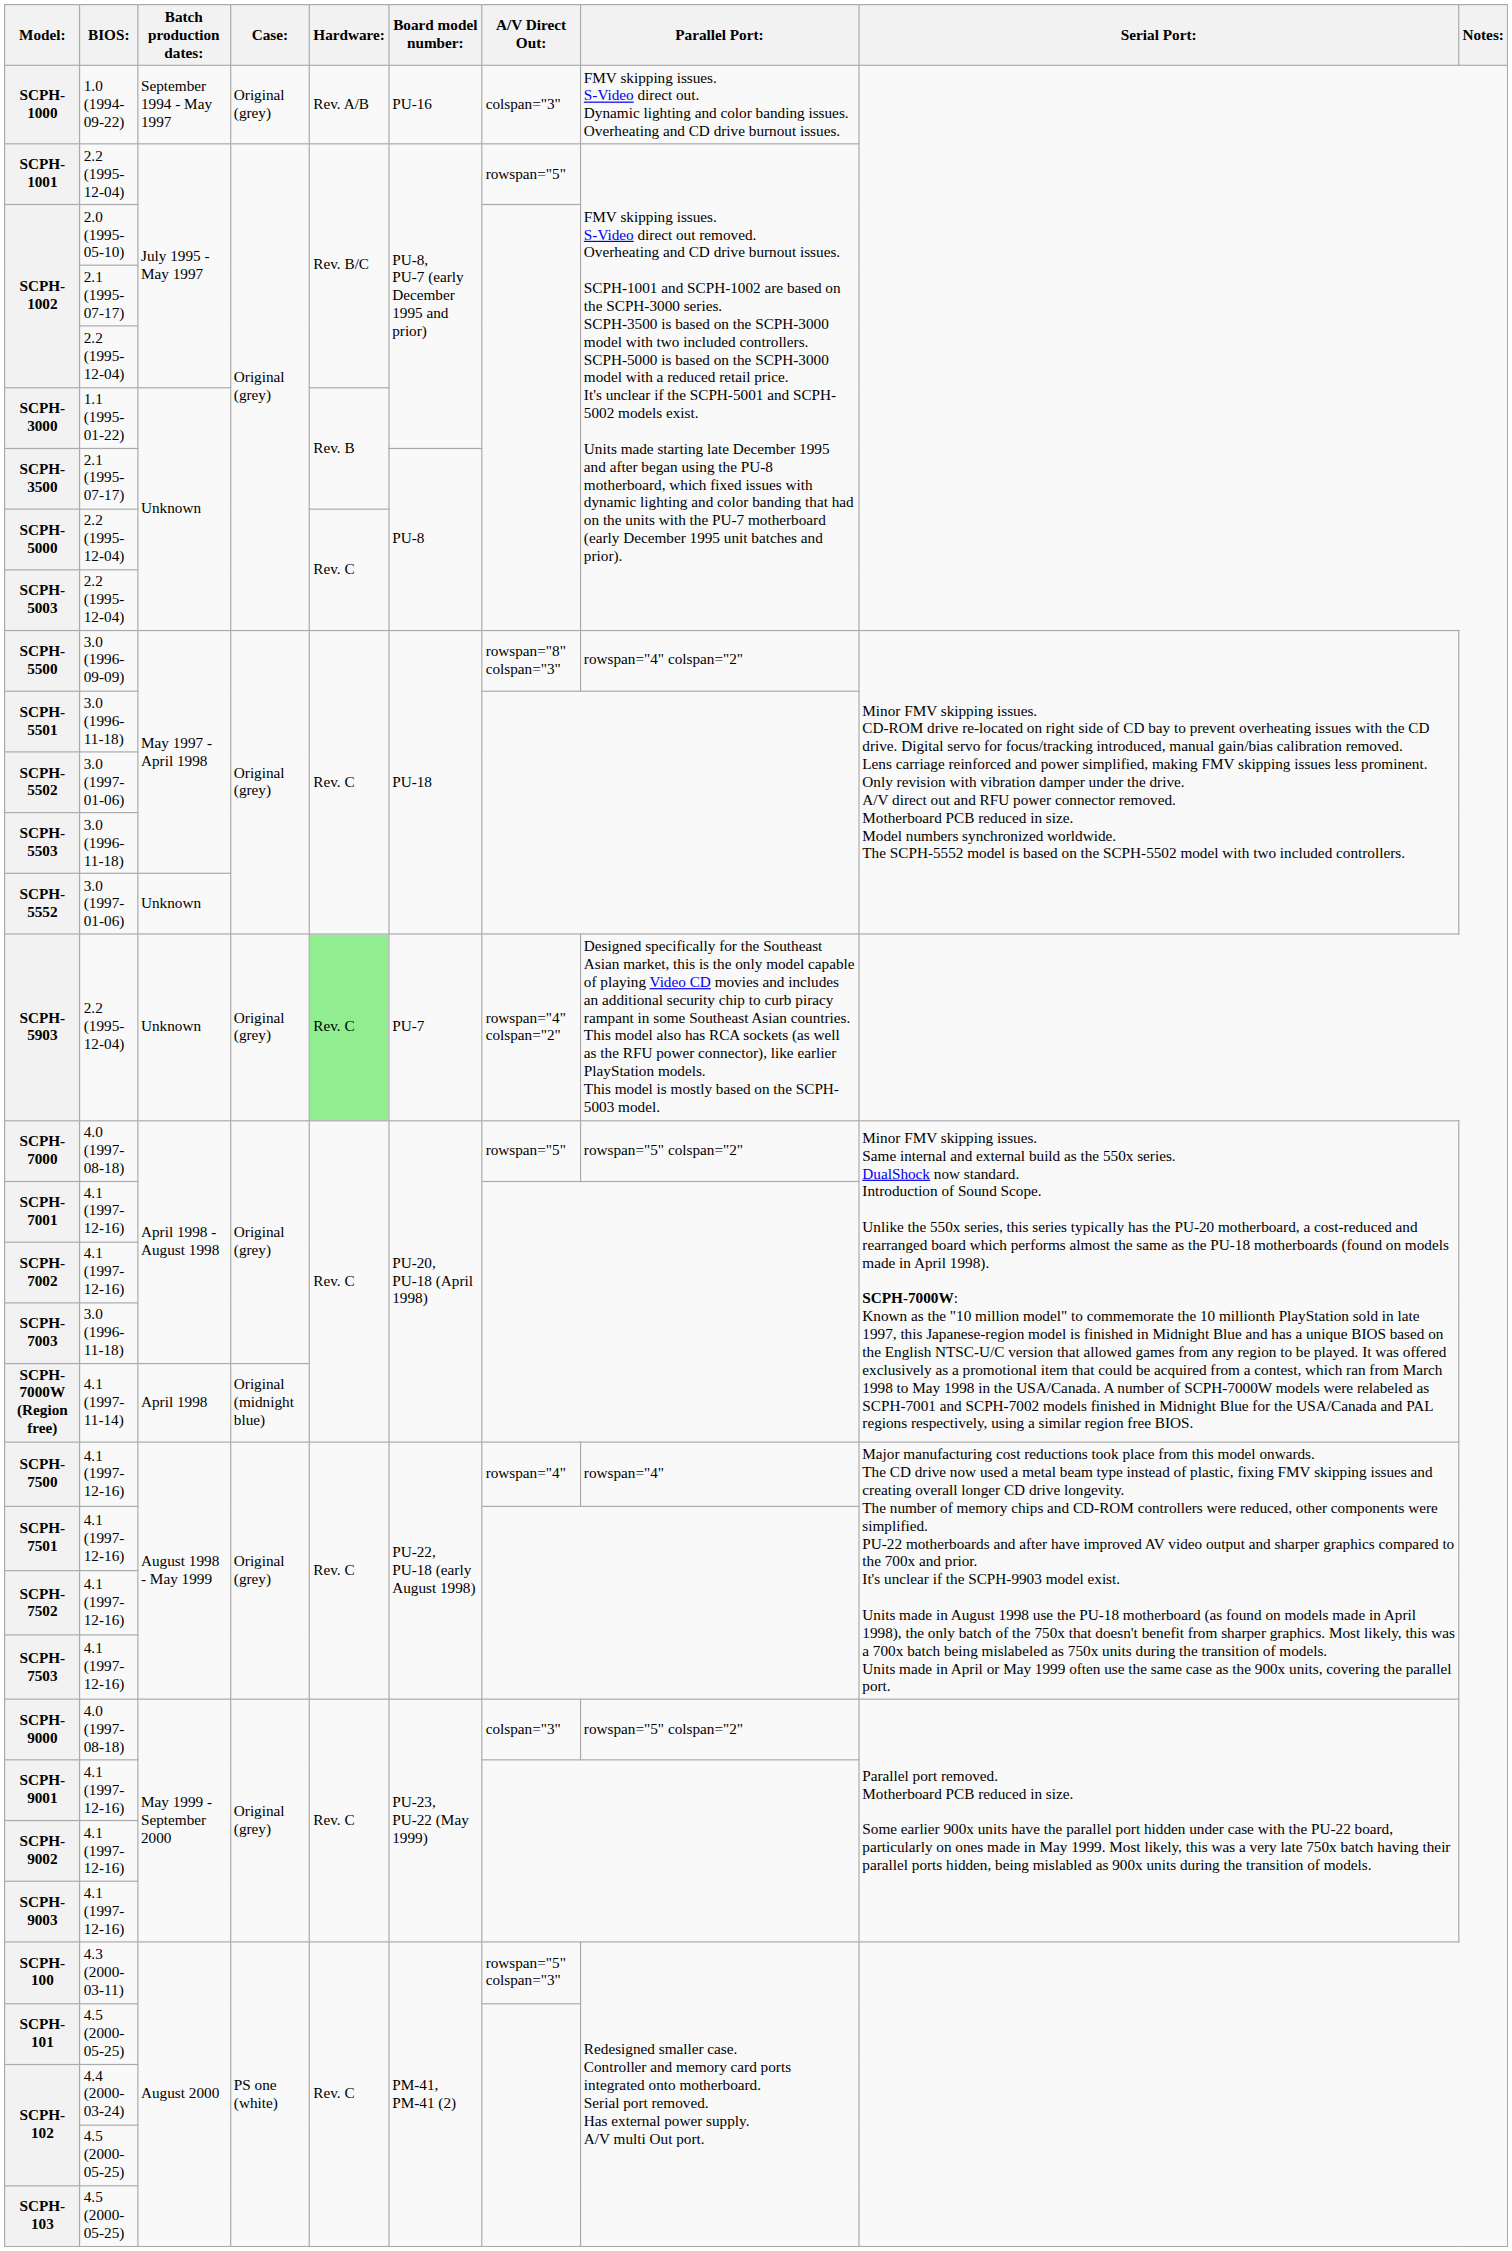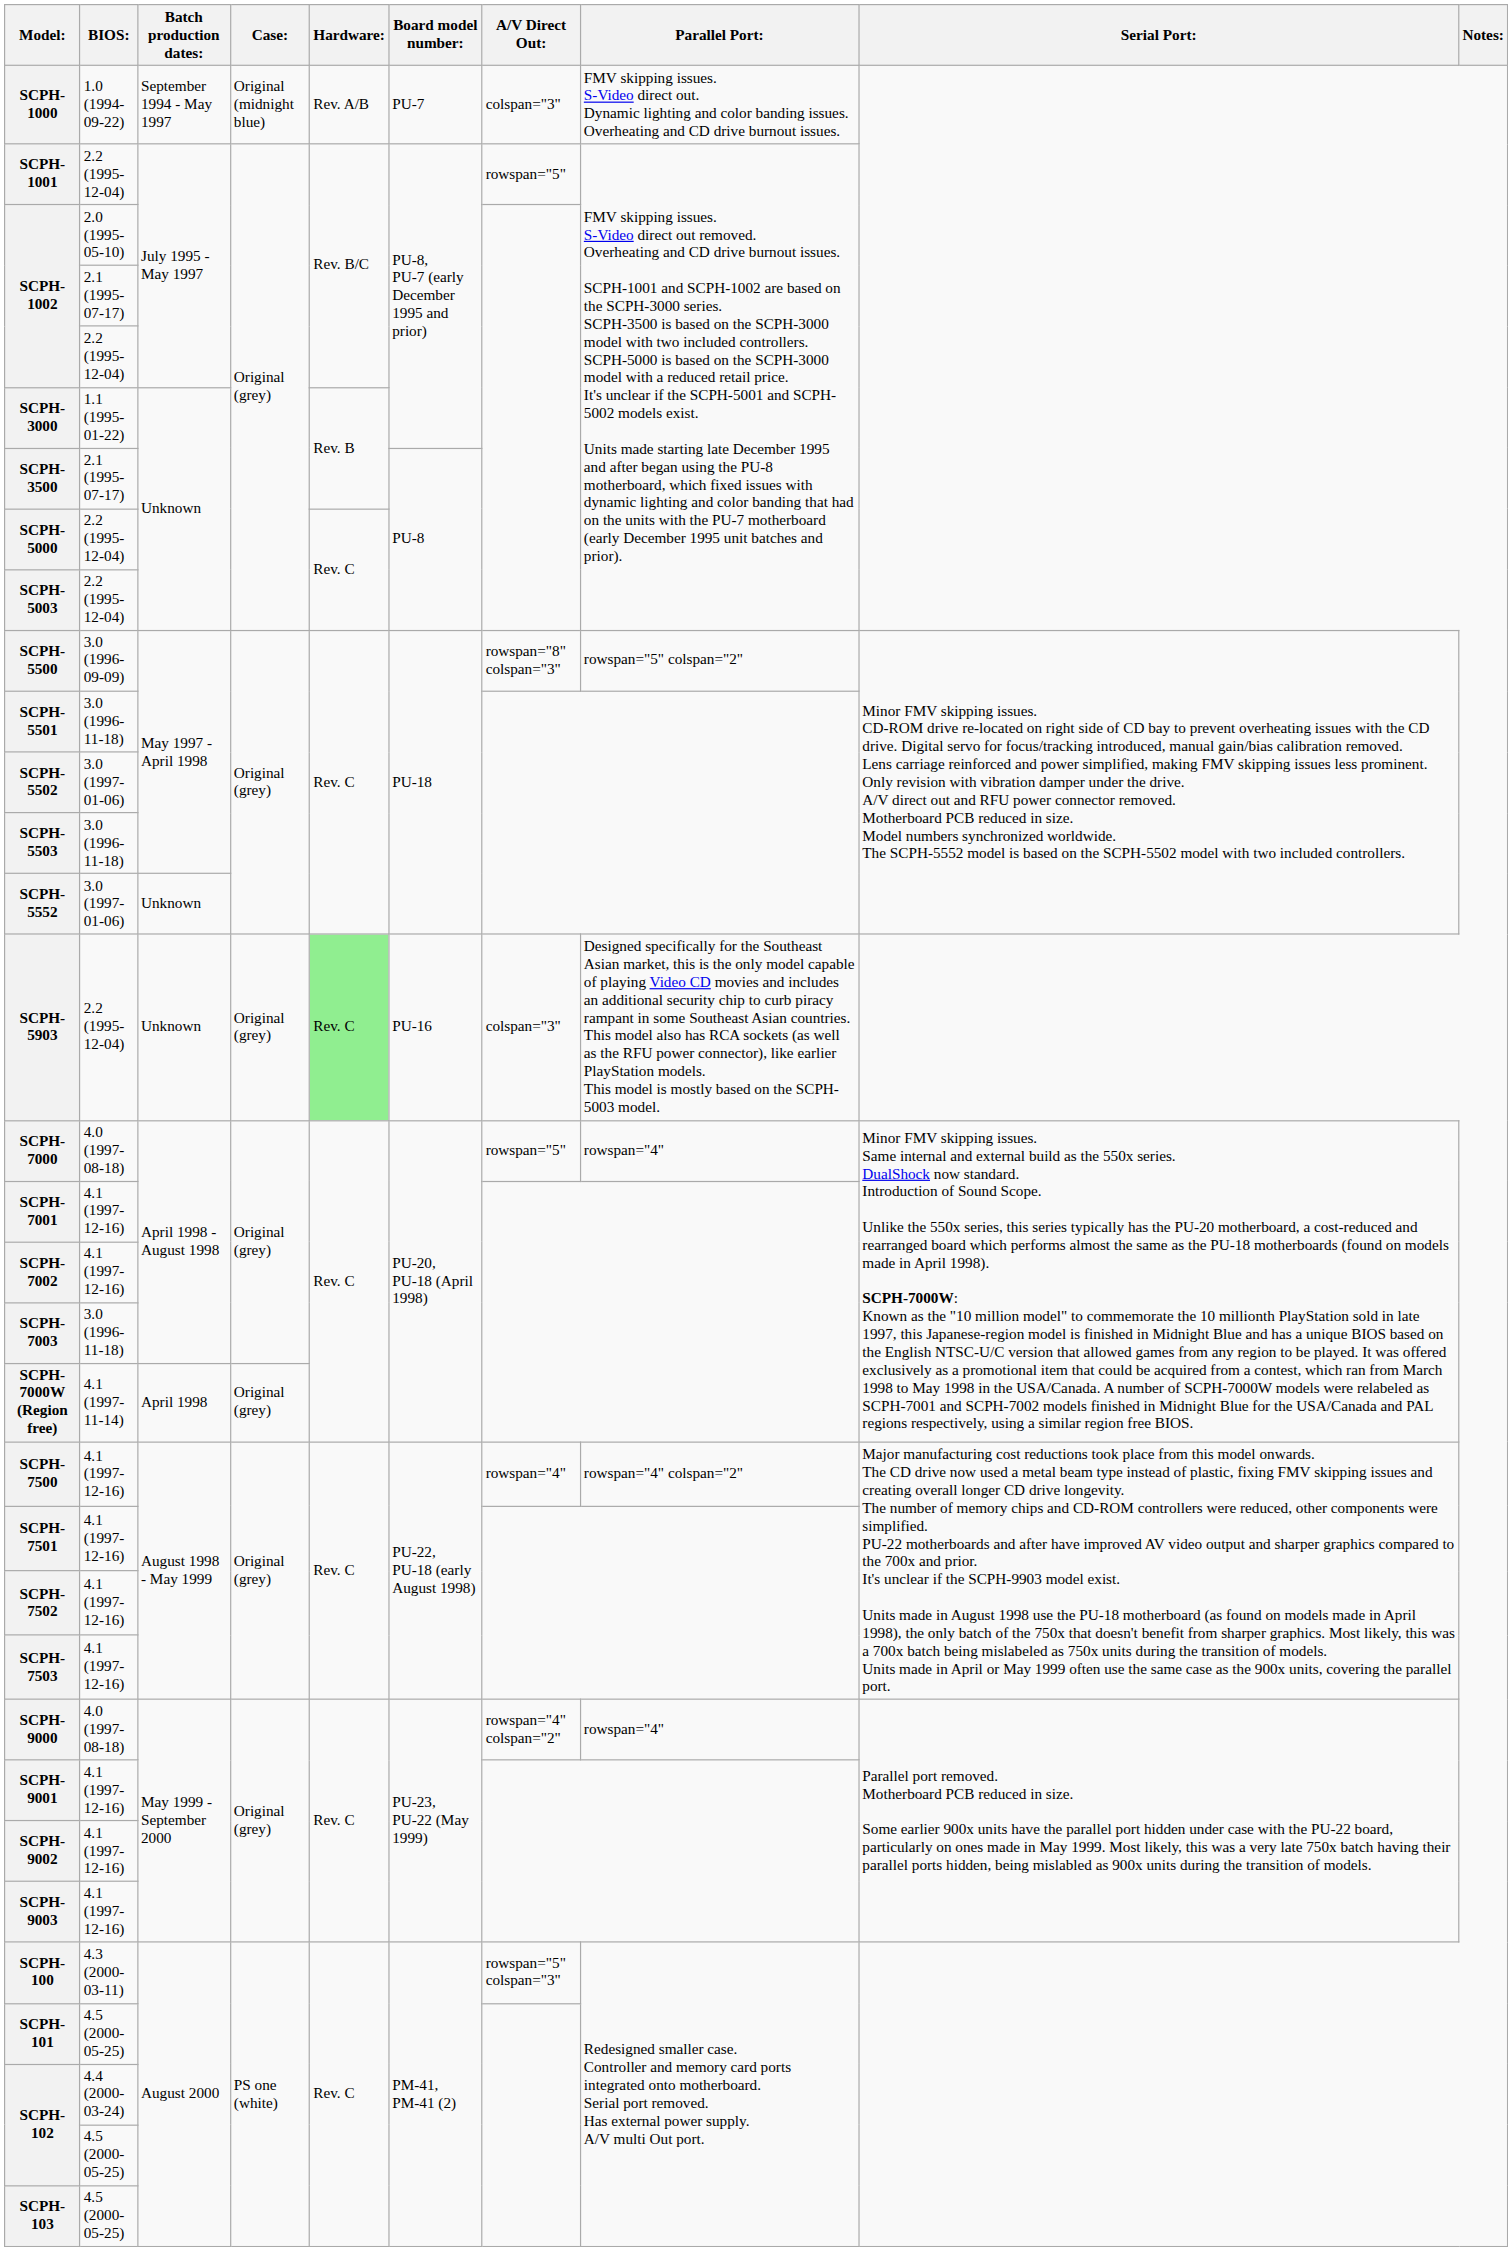 <table class="wikitable"  style="font-size:80%; width:100%;">
 <tr>
 <th>Model:</th>
 <th>BIOS:</th>
 <th>Batch production dates:</th>
 <th>Case:</th>
 <th>Hardware:</th>
 <th>Board model number:</th>
 <th>A/V Direct Out:</th>
 <th>Parallel Port:</th>
 <th>Serial Port:</th>
 <th>Notes:</th>
 </tr>
 <tr>
 <th>SCPH-1000</th>
 <td>1.0 (1994-09-22)</td>
 <td>September 1994 - May 1997</td>
-<td>Original (grey)</td>
+<td>Original (midnight blue)</td>
 <td>Rev. A/B</td>
-<td>PU-16</td>
+<td>PU-7</td>
 <td>colspan="3" </td>
 <td>FMV skipping issues.<br><a href='#'>S-Video</a> direct out.<br>Dynamic lighting and color banding issues.<br>Overheating and CD drive burnout issues.</td>
 </tr>
 <tr>
 <th>SCPH-1001</th>
 <td>2.2 (1995-12-04)</td>
 <td rowspan="4">July 1995 - May 1997</td>
 <td rowspan="8">Original (grey)</td>
 <td rowspan="4">Rev. B/C</td>
 <td rowspan="5">PU-8, <br>PU-7 (early December 1995 and prior)</td>
 <td>rowspan="5" </td>
 <td rowspan="8">FMV skipping issues.<br><a href='#'>S-Video</a> direct out removed.<br>Overheating and CD drive burnout issues.<br><br>SCPH-1001 and SCPH-1002 are based on the SCPH-3000 series.<br>SCPH-3500 is based on the SCPH-3000 model with two included controllers.<br>SCPH-5000 is based on the SCPH-3000 model with a reduced retail price.<br>It's unclear if the SCPH-5001 and SCPH-5002 models exist.<br><br>Units made starting late December 1995 and after began using the PU-8 motherboard, which fixed issues with dynamic lighting and color banding that had on the units with the PU-7 motherboard (early December 1995 unit batches and prior).</td>
 </tr>
 <tr>
 <th rowspan="3">SCPH-1002</th>
 <td>2.0 (1995-05-10)</td>
 </tr>
 <tr>
 <td>2.1 (1995-07-17)</td>
 </tr>
 <tr>
 <td>2.2 (1995-12-04)</td>
 </tr>
 <tr>
 <th>SCPH-3000</th>
 <td>1.1 (1995-01-22)</td>
 <td rowspan="4">Unknown</td>
 <td rowspan="2">Rev. B</td>
 </tr>
 <tr>
 <th>SCPH-3500</th>
 <td>2.1 (1995-07-17)</td>
 <td rowspan="3">PU-8</td>
 </tr>
 <tr>
 <th>SCPH-5000</th>
 <td>2.2 (1995-12-04)</td>
 <td rowspan="2">Rev. C</td>
 </tr>
 <tr>
 <th>SCPH-5003</th>
 <td>2.2 (1995-12-04)</td>
 </tr>
 <tr>
 <th>SCPH-5500</th>
 <td>3.0 (1996-09-09)</td>
 <td rowspan="4">May 1997 - April 1998</td>
 <td rowspan="5">Original (grey)</td>
 <td rowspan="5">Rev. C</td>
 <td rowspan="5">PU-18</td>
 <td>rowspan="8" colspan="3" </td>
-<td>rowspan="4" colspan="2" </td>
+<td>rowspan="5" colspan="2" </td>
 <td rowspan="5">Minor FMV skipping issues.<br>CD-ROM drive re-located on right side of CD bay to prevent overheating issues with the CD drive. Digital servo for focus/tracking introduced, manual gain/bias calibration removed.<br>Lens carriage reinforced and power simplified, making FMV skipping issues less prominent. Only revision with vibration damper under the drive.<br>A/V direct out and RFU power connector removed.<br>Motherboard PCB reduced in size.<br>Model numbers synchronized worldwide.<br>The SCPH-5552 model is based on the SCPH-5502 model with two included controllers.</td>
 </tr>
 <tr>
 <th>SCPH-5501</th>
 <td>3.0 (1996-11-18)</td>
 </tr>
 <tr>
 <th>SCPH-5502</th>
 <td>3.0 (1997-01-06)</td>
 </tr>
 <tr>
 <th>SCPH-5503</th>
 <td>3.0 (1996-11-18)</td>
 </tr>
 <tr>
 <th>SCPH-5552</th>
 <td>3.0 (1997-01-06)</td>
 <td>Unknown</td>
 </tr>
 <tr>
 <th>SCPH-5903</th>
 <td>2.2 (1995-12-04)</td>
 <td>Unknown</td>
 <td>Original (grey)</td>
 <td style="background: lightgreen;">Rev. C</td>
-<td>PU-7</td>
-<td>rowspan="4" colspan="2" </td>
+<td>PU-16</td>
+<td>colspan="3" </td>
 <td>Designed specifically for the Southeast Asian market, this is the only model capable of playing <a href='#'>Video CD</a> movies and includes an additional security chip to curb piracy rampant in some Southeast Asian countries.<br>This model also has RCA sockets (as well as the RFU power connector), like earlier PlayStation models.<br>This model is mostly based on the SCPH-5003 model.</td>
 </tr>
 <tr>
 <th>SCPH-7000</th>
 <td>4.0 (1997-08-18)</td>
 <td rowspan="4">April 1998 - August 1998</td>
 <td rowspan="4">Original (grey)</td>
 <td rowspan="5">Rev. C</td>
 <td rowspan="5">PU-20, <br>PU-18 (April 1998)</td>
 <td>rowspan="5" </td>
-<td>rowspan="5" colspan="2" </td>
+<td>rowspan="4" </td>
 <td rowspan="5">Minor FMV skipping issues.<br> Same internal and external build as the 550x series. <br><a href='#'>DualShock</a> now standard.<br>Introduction of Sound Scope.<br><br> Unlike the 550x series, this series typically has the PU-20 motherboard, a cost-reduced and rearranged board which performs almost the same as the PU-18 motherboards (found on models made in April 1998).<br><br><strong>SCPH-7000W</strong>:<br>Known as the "10 million model" to commemorate the 10 millionth PlayStation sold in late 1997, this Japanese-region model is finished in Midnight Blue and has a unique BIOS based on the English NTSC-U/C version that allowed games from any region to be played. It was offered exclusively as a promotional item that could be acquired from a contest, which ran from March 1998 to May 1998 in the USA/Canada. A number of SCPH-7000W models were relabeled as SCPH-7001 and SCPH-7002 models finished in Midnight Blue for the USA/Canada and PAL regions respectively, using a similar region free BIOS.</td>
 </tr>
 <tr>
 <th>SCPH-7001</th>
 <td>4.1 (1997-12-16)</td>
 </tr>
 <tr>
 <th>SCPH-7002</th>
 <td>4.1 (1997-12-16)</td>
 </tr>
 <tr>
 <th>SCPH-7003</th>
 <td>3.0 (1996-11-18)</td>
 </tr>
 <tr>
 <th>SCPH-7000W (Region free)</th>
 <td>4.1 (1997-11-14)</td>
 <td>April 1998</td>
-<td>Original (midnight blue)</td>
+<td>Original (grey)</td>
 </tr>
 <tr>
 <th>SCPH-7500</th>
 <td>4.1 (1997-12-16)</td>
 <td rowspan="4">August 1998 - May 1999</td>
 <td rowspan="4">Original (grey)</td>
 <td rowspan="4">Rev. C</td>
 <td rowspan="4">PU-22,<br>PU-18 (early August 1998)</td>
 <td>rowspan="4" </td>
-<td>rowspan="4" </td>
+<td>rowspan="4" colspan="2" </td>
 <td rowspan="4">Major manufacturing cost reductions took place from this model onwards.<br>The CD drive now used a metal beam type instead of plastic, fixing FMV skipping issues and creating overall longer CD drive longevity.<br>The number of memory chips and CD-ROM controllers were reduced, other components were simplified.<br>PU-22 motherboards and after have improved AV video output and sharper graphics compared to the 700x and prior.<br>It's unclear if the SCPH-9903 model exist.<br><br>Units made in August 1998 use the PU-18 motherboard (as found on models made in April 1998), the only batch of the 750x that doesn't benefit from sharper graphics. Most likely, this was a 700x batch being mislabeled as 750x units during the transition of models.<br>Units made in April or May 1999 often use the same case as the 900x units, covering the parallel port.</td>
 </tr>
 <tr>
 <th>SCPH-7501</th>
 <td>4.1 (1997-12-16)</td>
 </tr>
 <tr>
 <th>SCPH-7502</th>
 <td>4.1 (1997-12-16)</td>
 </tr>
 <tr>
 <th>SCPH-7503</th>
 <td>4.1 (1997-12-16)</td>
 </tr>
 <tr>
 <th>SCPH-9000</th>
 <td>4.0 (1997-08-18)</td>
 <td rowspan="4">May 1999 - September 2000</td>
 <td rowspan="4">Original (grey)</td>
 <td rowspan="4">Rev. C</td>
 <td rowspan="4">PU-23, <br>PU-22 (May 1999)</td>
-<td>colspan="3" </td>
-<td>rowspan="5" colspan="2" </td>
+<td>rowspan="4" colspan="2" </td>
+<td>rowspan="4" </td>
 <td rowspan="4">Parallel port removed.<br>Motherboard PCB reduced in size.<br><br>Some earlier 900x units have the parallel port hidden under case with the PU-22 board, particularly on ones made in May 1999. Most likely, this was a very late 750x batch having their parallel ports hidden, being mislabled as 900x units during the transition of models.</td>
 </tr>
 <tr>
 <th>SCPH-9001</th>
 <td>4.1 (1997-12-16)</td>
 </tr>
 <tr>
 <th>SCPH-9002</th>
 <td>4.1 (1997-12-16)</td>
 </tr>
 <tr>
 <th>SCPH-9003</th>
 <td>4.1 (1997-12-16)</td>
 </tr>
 <tr>
 <th>SCPH-100</th>
 <td>4.3 (2000-03-11)</td>
 <td rowspan="5">August 2000</td>
 <td rowspan="5">PS one (white)</td>
 <td rowspan="5">Rev. C</td>
 <td rowspan="5">PM-41, <br>PM-41 (2)</td>
 <td>rowspan="5" colspan="3" </td>
 <td rowspan="5">Redesigned smaller case.<br>Controller and memory card ports integrated onto motherboard.<br>Serial port removed.<br>Has external power supply.<br>A/V multi Out port.</td>
 </tr>
 <tr>
 <th>SCPH-101</th>
 <td>4.5 (2000-05-25)</td>
 </tr>
 <tr>
 <th rowspan="2">SCPH-102</th>
 <td>4.4 (2000-03-24)</td>
 </tr>
 <tr>
 <td>4.5 (2000-05-25)</td>
 </tr>
 <tr>
 <th>SCPH-103</th>
 <td>4.5 (2000-05-25)</td>
 </tr>
 </table>
